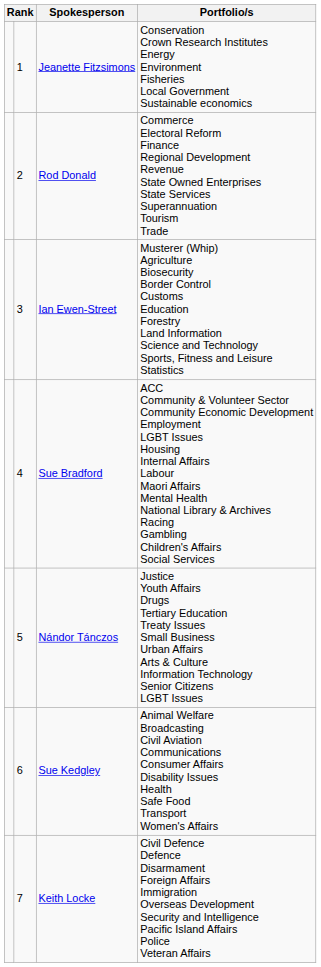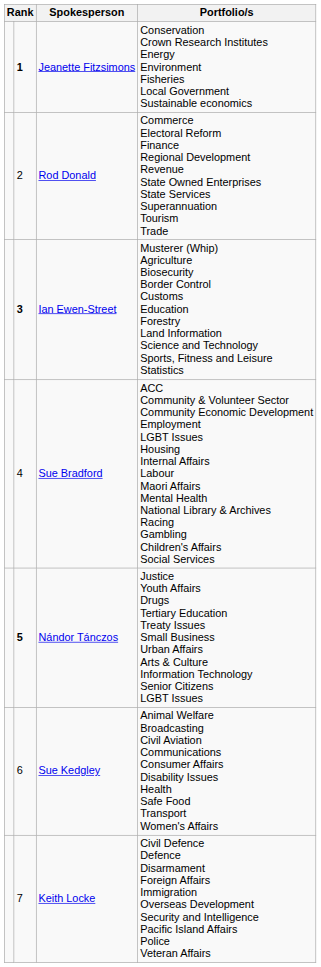 <table class="wikitable">
 <tr>
 <th colspan="2">Rank</th>
 <th>Spokesperson</th>
 <th>Portfolio/s</th>
 </tr>
 <tr>
 <td bgcolor=></td>
-<td>1</td>
+<td><strong>1</strong></td>
 <td><a href='#'>Jeanette Fitzsimons</a></td>
 <td>Conservation<br>Crown Research Institutes<br>Energy<br>Environment<br>Fisheries<br>Local Government<br>Sustainable economics</td>
 </tr>
 <tr>
 <td bgcolor=></td>
 <td>2</td>
 <td><a href='#'>Rod Donald</a></td>
 <td>Commerce<br>Electoral Reform<br>Finance<br>Regional Development<br>Revenue<br>State Owned Enterprises<br>State Services<br>Superannuation<br>Tourism<br>Trade</td>
 </tr>
 <tr>
 <td bgcolor=></td>
-<td>3</td>
+<td><strong>3</strong></td>
 <td><a href='#'>Ian Ewen-Street</a></td>
 <td>Musterer (Whip)<br>Agriculture<br>Biosecurity<br>Border Control<br>Customs<br>Education<br>Forestry<br>Land Information<br>Science and Technology<br>Sports, Fitness and Leisure<br>Statistics</td>
 </tr>
 <tr>
 <td bgcolor=></td>
 <td>4</td>
 <td><a href='#'>Sue Bradford</a></td>
 <td>ACC<br>Community & Volunteer Sector<br>Community Economic Development<br>Employment<br>LGBT Issues<br>Housing<br>Internal Affairs<br>Labour<br>Maori Affairs<br>Mental Health<br>National Library & Archives<br>Racing<br>Gambling<br>Children's Affairs<br>Social Services</td>
 </tr>
 <tr>
 <td bgcolor=></td>
-<td>5</td>
+<td><strong>5</strong></td>
 <td><a href='#'>Nándor Tánczos</a></td>
 <td>Justice<br>Youth Affairs<br>Drugs<br>Tertiary Education<br>Treaty Issues<br>Small Business<br>Urban Affairs<br>Arts & Culture<br>Information Technology<br>Senior Citizens<br>LGBT Issues</td>
 </tr>
 <tr>
 <td bgcolor=></td>
 <td>6</td>
 <td><a href='#'>Sue Kedgley</a></td>
 <td>Animal Welfare<br>Broadcasting<br>Civil Aviation<br>Communications<br>Consumer Affairs<br>Disability Issues<br>Health<br>Safe Food<br>Transport<br>Women's Affairs</td>
 </tr>
 <tr>
 <td bgcolor=></td>
 <td>7</td>
 <td><a href='#'>Keith Locke</a></td>
 <td>Civil Defence<br>Defence<br>Disarmament<br>Foreign Affairs<br>Immigration<br>Overseas Development<br>Security and Intelligence<br>Pacific Island Affairs<br>Police<br>Veteran Affairs</td>
 </tr>
 </table>
